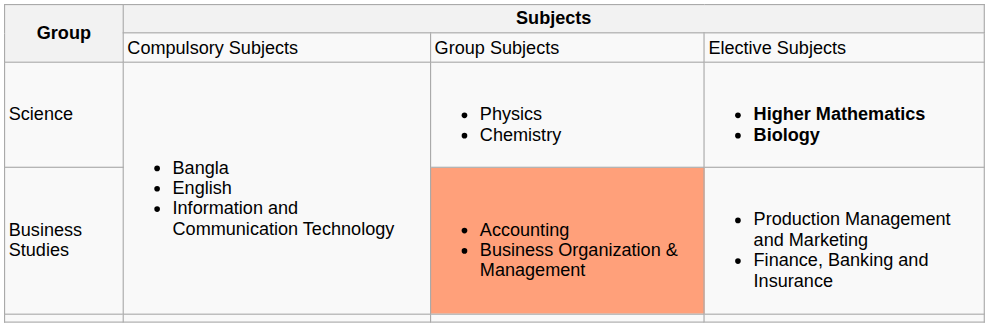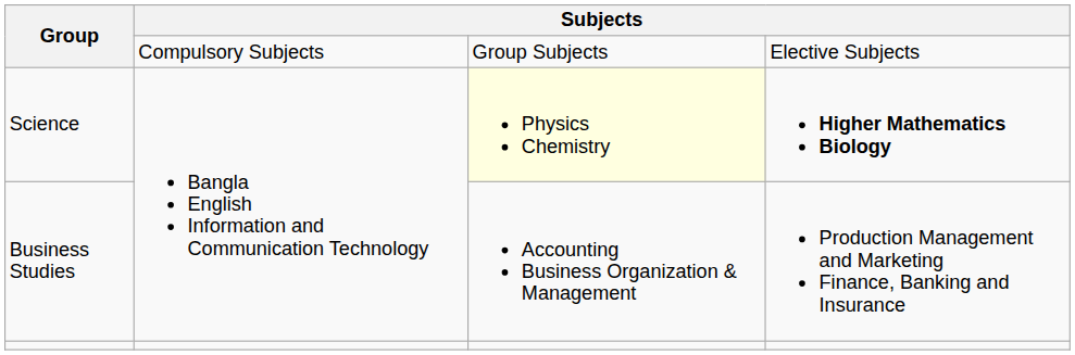 <table class="wikitable">
 <tr>
 <th rowspan="2">Group</th>
 <th colspan="3">Subjects</th>
 </tr>
 <tr>
 <td>Compulsory Subjects</td>
 <td>Group Subjects</td>
 <td>Elective Subjects</td>
 </tr>
 <tr>
 <td>Science</td>
 <td rowspan="2"><br><ul><li>Bangla</li><li>English</li><li>Information and Communication Technology</li></ul></td>
-<td><br><ul><li>Physics</li><li>Chemistry</li></ul></td>
+<td style="background: lightyellow;"><br><ul><li>Physics</li><li>Chemistry</li></ul></td>
 <td><strong><br><ul><li>Higher Mathematics</li><li>Biology</li></ul></strong></td>
 </tr>
 <tr>
 <td>Business Studies</td>
-<td style="background: lightsalmon;"><br><ul><li>Accounting</li><li>Business Organization & Management</li></ul></td>
+<td><br><ul><li>Accounting</li><li>Business Organization & Management</li></ul></td>
 <td><br><ul><li>Production Management and Marketing</li><li>Finance, Banking and Insurance</li></ul></td>
 </tr>
 <tr>
 <td></td>
 <td></td>
 <td></td>
 <td></td>
 </tr>
 </table>
